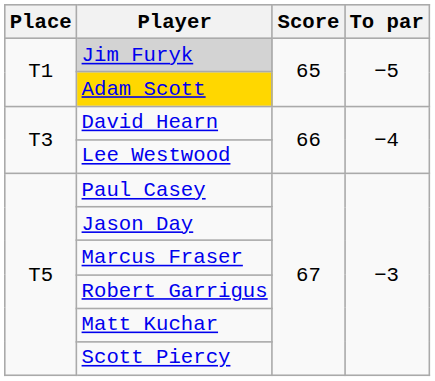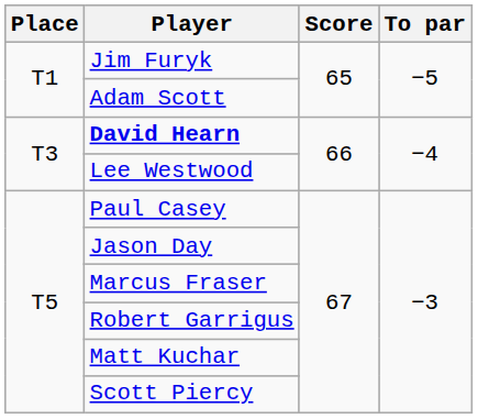 <table class="wikitable">
 <tr>
 <th>Place</th>
 <th>Player</th>
 <th>Score</th>
 <th>To par</th>
 </tr>
 <tr>
 <td rowspan=2 align=center>T1</td>
-<td style="background: lightgrey;"> <a href='#'>Jim Furyk</a></td>
+<td> <a href='#'>Jim Furyk</a></td>
 <td rowspan=2 align=center>65</td>
 <td rowspan=2 align=center>−5</td>
 </tr>
 <tr>
-<td style="background: gold;"> <a href='#'>Adam Scott</a></td>
+<td> <a href='#'>Adam Scott</a></td>
 </tr>
 <tr>
 <td rowspan=2 align=center>T3</td>
-<td> <a href='#'>David Hearn</a></td>
+<td><strong> <a href='#'>David Hearn</a></strong></td>
 <td rowspan=2 align=center>66</td>
 <td rowspan=2 align=center>−4</td>
 </tr>
 <tr>
 <td> <a href='#'>Lee Westwood</a></td>
 </tr>
 <tr>
 <td rowspan=6 align=center>T5</td>
 <td> <a href='#'>Paul Casey</a></td>
 <td rowspan=6 align=center>67</td>
 <td rowspan=6 align=center>−3</td>
 </tr>
 <tr>
 <td> <a href='#'>Jason Day</a></td>
 </tr>
 <tr>
 <td> <a href='#'>Marcus Fraser</a></td>
 </tr>
 <tr>
 <td> <a href='#'>Robert Garrigus</a></td>
 </tr>
 <tr>
 <td> <a href='#'>Matt Kuchar</a></td>
 </tr>
 <tr>
 <td> <a href='#'>Scott Piercy</a></td>
 </tr>
 </table>
